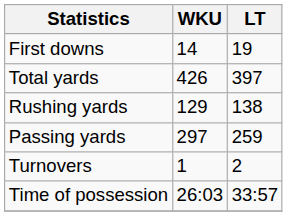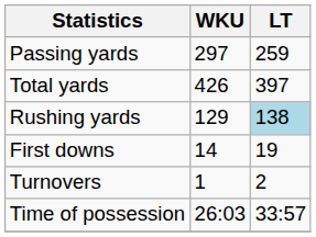 <table class="wikitable">
 <tr>
 <th>Statistics</th>
 <th>WKU</th>
 <th>LT</th>
 </tr>
 <tr>
-<td>First downs</td>
-<td>14</td>
-<td>19</td>
+<td>Passing yards</td>
+<td>297</td>
+<td>259</td>
 </tr>
 <tr>
 <td>Total yards</td>
 <td>426</td>
 <td>397</td>
 </tr>
 <tr>
 <td>Rushing yards</td>
 <td>129</td>
-<td>138</td>
+<td style="background: lightblue;">138</td>
 </tr>
 <tr>
-<td>Passing yards</td>
-<td>297</td>
-<td>259</td>
+<td>First downs</td>
+<td>14</td>
+<td>19</td>
 </tr>
 <tr>
 <td>Turnovers</td>
 <td>1</td>
 <td>2</td>
 </tr>
 <tr>
 <td>Time of possession</td>
 <td>26:03</td>
 <td>33:57</td>
 </tr>
 <tr>
 </tr>
 </table>
